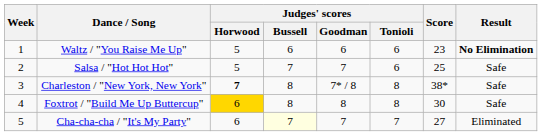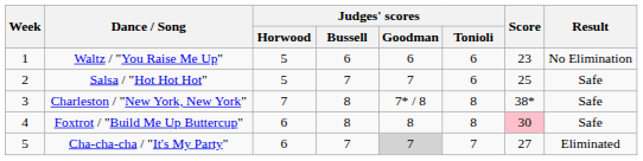 <table class="wikitable">
 <tr>
 <th rowspan="2">Week </th>
 <th rowspan="2">Dance / Song</th>
 <th colspan="4">Judges' scores</th>
 <th rowspan="2">Score</th>
 <th rowspan="2">Result</th>
 </tr>
 <tr>
 <th style="width:10%; ">Horwood</th>
 <th style="width:10%; ">Bussell</th>
 <th style="width:10%; ">Goodman</th>
 <th style="width:10%; ">Tonioli</th>
 </tr>
 <tr style="text-align: center; ">
 <td>1</td>
 <td><a href='#'>Waltz</a> / "<a href='#'>You Raise Me Up</a>"</td>
 <td>5</td>
 <td>6</td>
 <td>6</td>
 <td>6</td>
 <td>23</td>
-<td><strong>No Elimination</strong></td>
+<td>No Elimination</td>
 </tr>
 <tr style="text-align: center;">
 <td>2</td>
 <td><a href='#'>Salsa</a> / "<a href='#'>Hot Hot Hot</a>"</td>
 <td>5</td>
 <td>7</td>
 <td>7</td>
 <td>6</td>
 <td>25</td>
 <td>Safe</td>
 </tr>
 <tr style="text-align: center;">
 <td>3</td>
 <td><a href='#'>Charleston</a> / "<a href='#'>New York, New York</a>"</td>
-<td><strong>7</strong></td>
+<td>7</td>
 <td>8</td>
 <td>7* / 8</td>
 <td>8</td>
 <td>38*</td>
 <td>Safe</td>
 </tr>
 <tr style="text-align: center;">
 <td>4</td>
 <td><a href='#'>Foxtrot</a> / "<a href='#'>Build Me Up Buttercup</a>"</td>
-<td style="background: gold;">6</td>
+<td>6</td>
 <td>8</td>
 <td>8</td>
 <td>8</td>
-<td>30</td>
+<td style="background: pink;">30</td>
 <td>Safe</td>
 </tr>
 <tr style="text-align: center;">
 <td>5</td>
 <td><a href='#'>Cha-cha-cha</a> / "<a href='#'>It's My Party</a>"</td>
 <td>6</td>
-<td style="background: lightyellow;">7</td>
 <td>7</td>
+<td style="background: lightgrey;">7</td>
 <td>7</td>
 <td>27</td>
 <td>Eliminated</td>
 </tr>
 </table>
